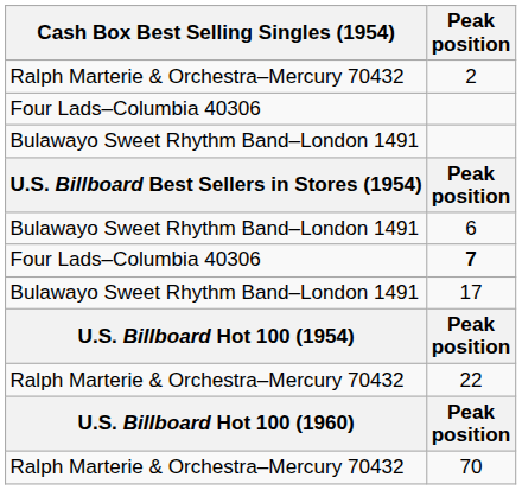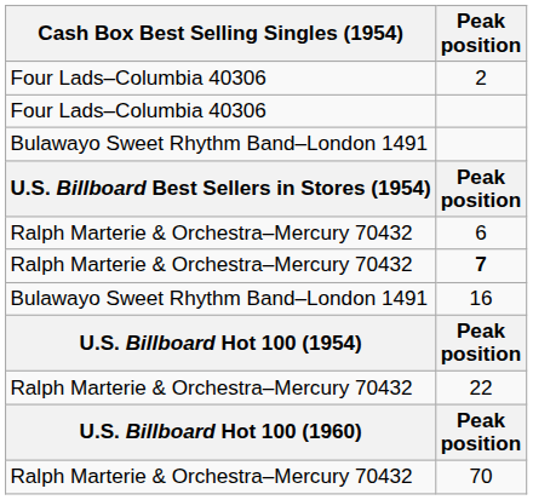 <table class="wikitable">
 <tr>
 <th align="left">Cash Box Best Selling Singles (1954)</th>
 <th align="center">Peak<br>position</th>
 </tr>
 <tr>
-<td align="left">Ralph Marterie & Orchestra–Mercury 70432</td>
+<td align="left">Four Lads–Columbia 40306</td>
 <td align="center">2</td>
 </tr>
 <tr>
 <td align="left">Four Lads–Columbia 40306</td>
 <td align="center"></td>
 </tr>
 <tr>
 <td align="left">Bulawayo Sweet Rhythm Band–London 1491</td>
 <td align="center"></td>
 </tr>
 <tr>
 <th align="left">U.S. <em>Billboard</em> Best Sellers in Stores (1954)</th>
 <th align="center">Peak<br>position</th>
 </tr>
 <tr>
-<td align="left">Bulawayo Sweet Rhythm Band–London 1491</td>
+<td align="left">Ralph Marterie & Orchestra–Mercury 70432</td>
 <td align="center">6</td>
 </tr>
 <tr>
-<td align="left">Four Lads–Columbia 40306</td>
+<td align="left">Ralph Marterie & Orchestra–Mercury 70432</td>
 <td align="center"><strong>7</strong></td>
 </tr>
 <tr>
 <td align="left">Bulawayo Sweet Rhythm Band–London 1491</td>
-<td align="center">17</td>
+<td align="center">16</td>
 </tr>
 <tr>
 <th align="left">U.S. <em>Billboard</em> Hot 100 (1954)</th>
 <th align="center">Peak<br>position</th>
 </tr>
 <tr>
 <td align="left">Ralph Marterie & Orchestra–Mercury 70432</td>
 <td align="center">22</td>
 </tr>
 <tr>
 <th align="left">U.S. <em>Billboard</em> Hot 100 (1960)</th>
 <th align="center">Peak<br>position</th>
 </tr>
 <tr>
 <td align="left">Ralph Marterie & Orchestra–Mercury 70432</td>
 <td align="center">70</td>
 </tr>
 </table>
